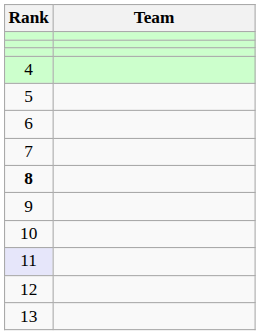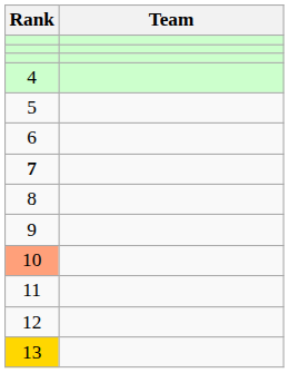 <table class=wikitable style="text-align:center;">
 <tr>
 <th>Rank</th>
 <th width=180>Team</th>
 </tr>
 <tr bgcolor=ccffcc>
 <td></td>
 <td align=left></td>
 </tr>
 <tr bgcolor=ccffcc>
 <td></td>
 <td align=left></td>
 </tr>
 <tr bgcolor=ccffcc>
 <td></td>
 <td align=left></td>
 </tr>
 <tr bgcolor=ccffcc>
 <td>4</td>
 <td align=left></td>
 </tr>
 <tr>
 <td>5</td>
 <td align=left></td>
 </tr>
 <tr>
 <td>6</td>
 <td align=left></td>
 </tr>
 <tr>
-<td>7</td>
+<td><strong>7</strong></td>
 <td align=left></td>
 </tr>
 <tr>
-<td><strong>8</strong></td>
+<td>8</td>
 <td align=left></td>
 </tr>
 <tr>
 <td>9</td>
 <td align=left></td>
 </tr>
 <tr>
-<td>10</td>
+<td style="background: lightsalmon;">10</td>
 <td align=left></td>
 </tr>
 <tr>
-<td style="background: lavender;">11</td>
+<td>11</td>
 <td align=left></td>
 </tr>
 <tr>
 <td>12</td>
 <td align=left></td>
 </tr>
 <tr>
-<td>13</td>
+<td style="background: gold;">13</td>
 <td align=left></td>
 </tr>
 </table>
